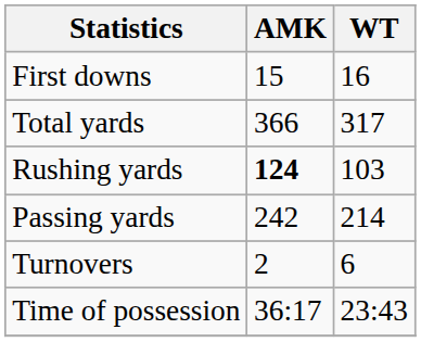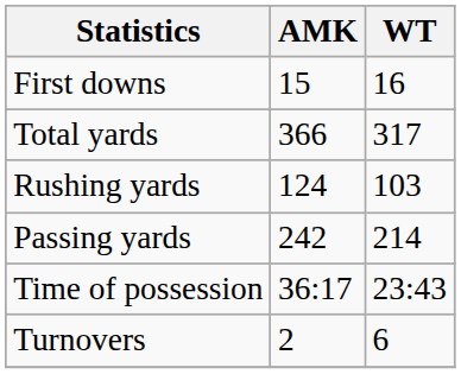 <table class="wikitable">
 <tr>
 <th>Statistics</th>
 <th>AMK</th>
 <th>WT</th>
 </tr>
 <tr>
 <td>First downs</td>
 <td>15</td>
 <td>16</td>
 </tr>
 <tr>
 <td>Total yards</td>
 <td>366</td>
 <td>317</td>
 </tr>
 <tr>
 <td>Rushing yards</td>
-<td><strong>124</strong></td>
+<td>124</td>
 <td>103</td>
 </tr>
 <tr>
 <td>Passing yards</td>
 <td>242</td>
 <td>214</td>
 </tr>
 <tr>
+<td>Time of possession</td>
+<td>36:17</td>
+<td>23:43</td>
+</tr>
+<tr>
 <td>Turnovers</td>
 <td>2</td>
 <td>6</td>
 </tr>
 <tr>
-<td>Time of possession</td>
-<td>36:17</td>
-<td>23:43</td>
-</tr>
-<tr>
 </tr>
 </table>
